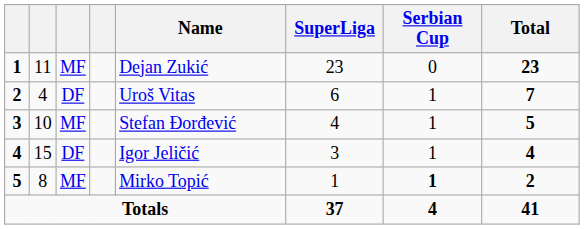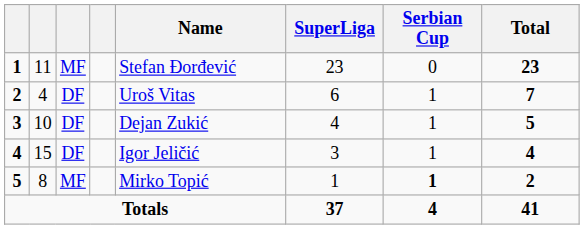 <table class="wikitable" style="text-align:center">
 <tr>
 <th width="15"></th>
 <th width="15"></th>
 <th width="15"></th>
 <th width="15"></th>
 <th width="145">Name</th>
 <th width="80"><strong><a href='#'>SuperLiga</a></strong></th>
 <th width="80"><strong><a href='#'>Serbian Cup</a></strong></th>
 <th width="80">Total</th>
 </tr>
 <tr>
 <td><strong>1</strong></td>
 <td>11</td>
 <td><a href='#'>MF</a></td>
 <td></td>
-<td align="left"><a href='#'>Dejan Zukić</a></td>
+<td align="left"><a href='#'>Stefan Đorđević</a></td>
 <td>23</td>
 <td>0</td>
 <td><strong>23</strong></td>
 </tr>
 <tr>
 <td><strong>2</strong></td>
 <td>4</td>
 <td><a href='#'>DF</a></td>
 <td></td>
 <td align="left"><a href='#'>Uroš Vitas</a></td>
 <td>6</td>
 <td>1</td>
 <td><strong>7</strong></td>
 </tr>
 <tr>
 <td><strong>3</strong></td>
 <td>10</td>
-<td><a href='#'>MF</a></td>
+<td><a href='#'>DF</a></td>
 <td></td>
-<td align="left"><a href='#'>Stefan Đorđević</a></td>
+<td align="left"><a href='#'>Dejan Zukić</a></td>
 <td>4</td>
 <td>1</td>
 <td><strong>5</strong></td>
 </tr>
 <tr>
 <td><strong>4</strong></td>
 <td>15</td>
 <td><a href='#'>DF</a></td>
 <td></td>
 <td align="left"><a href='#'>Igor Jeličić</a></td>
 <td>3</td>
 <td>1</td>
 <td><strong>4</strong></td>
 </tr>
 <tr>
 <td><strong>5</strong></td>
 <td>8</td>
 <td><a href='#'>MF</a></td>
 <td></td>
 <td align="left"><a href='#'>Mirko Topić</a></td>
 <td>1</td>
 <td><strong>1</strong></td>
 <td><strong>2</strong></td>
 </tr>
 <tr>
 <td colspan="5"><strong>Totals</strong></td>
 <td><strong>37</strong></td>
 <td><strong>4</strong></td>
 <td><strong>41</strong></td>
 </tr>
 </table>
